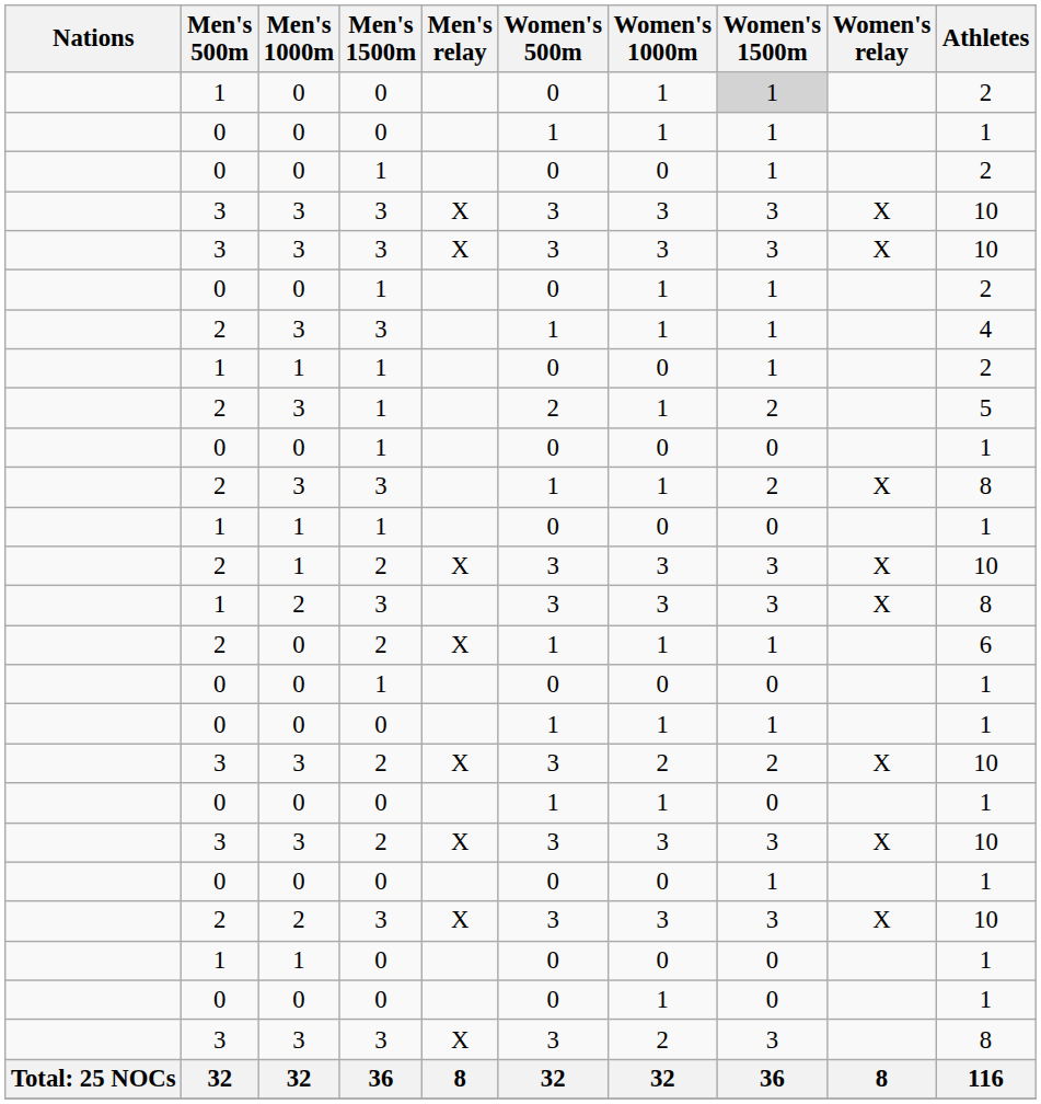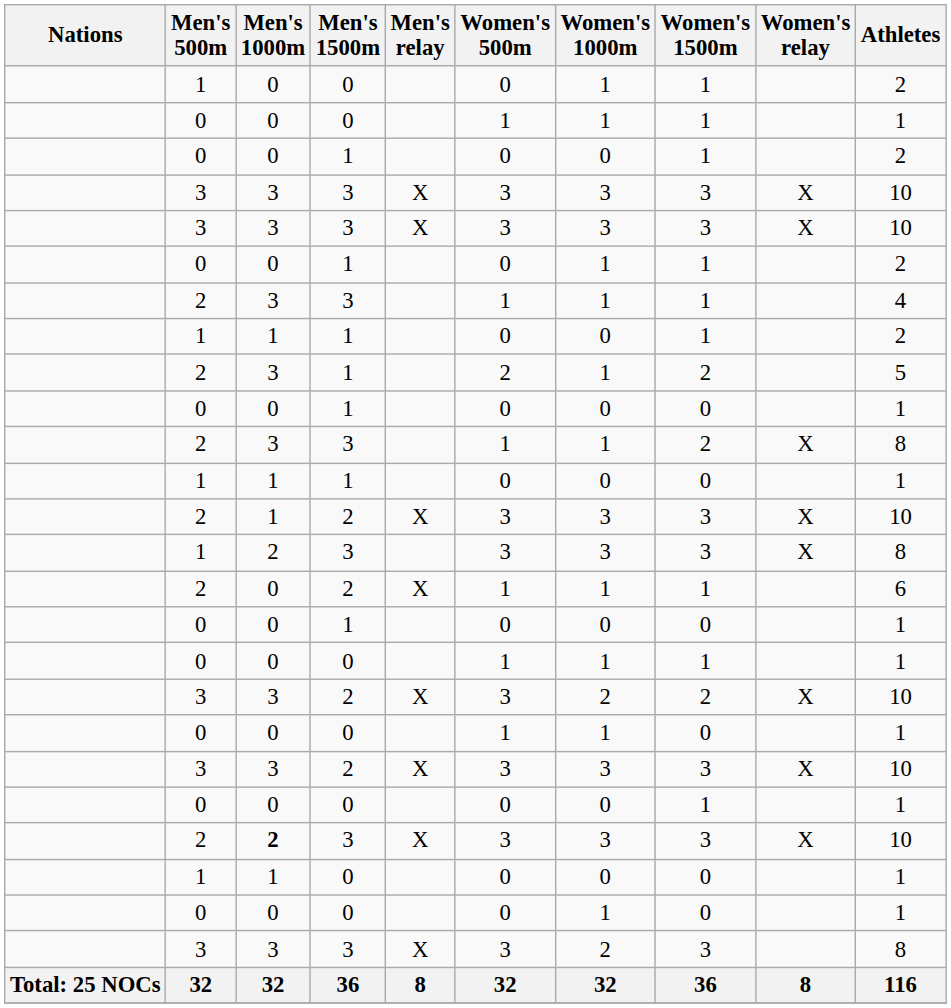 <table class="wikitable sortable" style="text-align:center;">
 <tr>
 <th>Nations</th>
 <th>Men's <br>500m</th>
 <th>Men's <br>1000m</th>
 <th>Men's <br>1500m</th>
 <th>Men's <br>relay</th>
 <th>Women's <br>500m</th>
 <th>Women's <br>1000m</th>
 <th>Women's <br>1500m</th>
 <th>Women's <br>relay</th>
 <th>Athletes</th>
 </tr>
 <tr>
 <td align="left"></td>
 <td>1</td>
 <td>0</td>
 <td>0</td>
 <td></td>
 <td>0</td>
 <td>1</td>
-<td style="background: lightgrey;">1</td>
+<td>1</td>
 <td></td>
 <td>2</td>
 </tr>
 <tr>
 <td align="left"></td>
 <td>0</td>
 <td>0</td>
 <td>0</td>
 <td></td>
 <td>1</td>
 <td>1</td>
 <td>1</td>
 <td></td>
 <td>1</td>
 </tr>
 <tr>
 <td align="left"></td>
 <td>0</td>
 <td>0</td>
 <td>1</td>
 <td></td>
 <td>0</td>
 <td>0</td>
 <td>1</td>
 <td></td>
 <td>2</td>
 </tr>
 <tr>
 <td align="left"></td>
 <td>3</td>
 <td>3</td>
 <td>3</td>
 <td>X</td>
 <td>3</td>
 <td>3</td>
 <td>3</td>
 <td>X</td>
 <td>10</td>
 </tr>
 <tr>
 <td align="left"></td>
 <td>3</td>
 <td>3</td>
 <td>3</td>
 <td>X</td>
 <td>3</td>
 <td>3</td>
 <td>3</td>
 <td>X</td>
 <td>10</td>
 </tr>
 <tr>
 <td align="left"></td>
 <td>0</td>
 <td>0</td>
 <td>1</td>
 <td></td>
 <td>0</td>
 <td>1</td>
 <td>1</td>
 <td></td>
 <td>2</td>
 </tr>
 <tr>
 <td align="left"></td>
 <td>2</td>
 <td>3</td>
 <td>3</td>
 <td></td>
 <td>1</td>
 <td>1</td>
 <td>1</td>
 <td></td>
 <td>4</td>
 </tr>
 <tr>
 <td align="left"></td>
 <td>1</td>
 <td>1</td>
 <td>1</td>
 <td></td>
 <td>0</td>
 <td>0</td>
 <td>1</td>
 <td></td>
 <td>2</td>
 </tr>
 <tr>
 <td align="left"></td>
 <td>2</td>
 <td>3</td>
 <td>1</td>
 <td></td>
 <td>2</td>
 <td>1</td>
 <td>2</td>
 <td></td>
 <td>5</td>
 </tr>
 <tr>
 <td align="left"></td>
 <td>0</td>
 <td>0</td>
 <td>1</td>
 <td></td>
 <td>0</td>
 <td>0</td>
 <td>0</td>
 <td></td>
 <td>1</td>
 </tr>
 <tr>
 <td align="left"></td>
 <td>2</td>
 <td>3</td>
 <td>3</td>
 <td></td>
 <td>1</td>
 <td>1</td>
 <td>2</td>
 <td>X</td>
 <td>8</td>
 </tr>
 <tr>
 <td align="left"></td>
 <td>1</td>
 <td>1</td>
 <td>1</td>
 <td></td>
 <td>0</td>
 <td>0</td>
 <td>0</td>
 <td></td>
 <td>1</td>
 </tr>
 <tr>
 <td align="left"></td>
 <td>2</td>
 <td>1</td>
 <td>2</td>
 <td>X</td>
 <td>3</td>
 <td>3</td>
 <td>3</td>
 <td>X</td>
 <td>10</td>
 </tr>
 <tr>
 <td align="left"></td>
 <td>1</td>
 <td>2</td>
 <td>3</td>
 <td></td>
 <td>3</td>
 <td>3</td>
 <td>3</td>
 <td>X</td>
 <td>8</td>
 </tr>
 <tr>
 <td align="left"></td>
 <td>2</td>
 <td>0</td>
 <td>2</td>
 <td>X</td>
 <td>1</td>
 <td>1</td>
 <td>1</td>
 <td></td>
 <td>6</td>
 </tr>
 <tr>
 <td align="left"></td>
 <td>0</td>
 <td>0</td>
 <td>1</td>
 <td></td>
 <td>0</td>
 <td>0</td>
 <td>0</td>
 <td></td>
 <td>1</td>
 </tr>
 <tr>
 <td align="left"></td>
 <td>0</td>
 <td>0</td>
 <td>0</td>
 <td></td>
 <td>1</td>
 <td>1</td>
 <td>1</td>
 <td></td>
 <td>1</td>
 </tr>
 <tr>
 <td align="left"></td>
 <td>3</td>
 <td>3</td>
 <td>2</td>
 <td>X</td>
 <td>3</td>
 <td>2</td>
 <td>2</td>
 <td>X</td>
 <td>10</td>
 </tr>
 <tr>
 <td align="left"></td>
 <td>0</td>
 <td>0</td>
 <td>0</td>
 <td></td>
 <td>1</td>
 <td>1</td>
 <td>0</td>
 <td></td>
 <td>1</td>
 </tr>
 <tr>
 <td align="left"></td>
 <td>3</td>
 <td>3</td>
 <td>2</td>
 <td>X</td>
 <td>3</td>
 <td>3</td>
 <td>3</td>
 <td>X</td>
 <td>10</td>
 </tr>
 <tr>
 <td align="left"></td>
 <td>0</td>
 <td>0</td>
 <td>0</td>
 <td></td>
 <td>0</td>
 <td>0</td>
 <td>1</td>
 <td></td>
 <td>1</td>
 </tr>
 <tr>
 <td align="left"></td>
 <td>2</td>
-<td>2</td>
+<td><strong>2</strong></td>
 <td>3</td>
 <td>X</td>
 <td>3</td>
 <td>3</td>
 <td>3</td>
 <td>X</td>
 <td>10</td>
 </tr>
 <tr>
 <td align="left"></td>
 <td>1</td>
 <td>1</td>
 <td>0</td>
 <td></td>
 <td>0</td>
 <td>0</td>
 <td>0</td>
 <td></td>
 <td>1</td>
 </tr>
 <tr>
 <td align="left"></td>
 <td>0</td>
 <td>0</td>
 <td>0</td>
 <td></td>
 <td>0</td>
 <td>1</td>
 <td>0</td>
 <td></td>
 <td>1</td>
 </tr>
 <tr>
 <td align="left"></td>
 <td>3</td>
 <td>3</td>
 <td>3</td>
 <td>X</td>
 <td>3</td>
 <td>2</td>
 <td>3</td>
 <td></td>
 <td>8</td>
 </tr>
 <tr>
 <th>Total: 25 NOCs</th>
 <th>32</th>
 <th>32</th>
 <th>36</th>
 <th>8</th>
 <th>32</th>
 <th>32</th>
 <th>36</th>
 <th>8</th>
 <th>116</th>
 </tr>
 <tr>
 </tr>
 </table>
